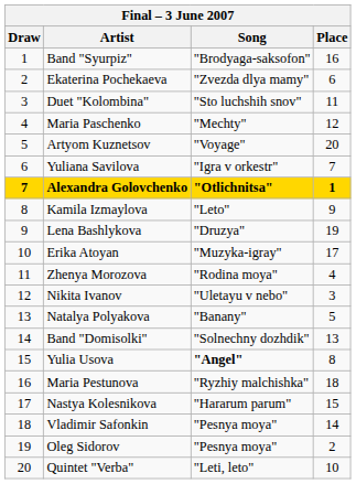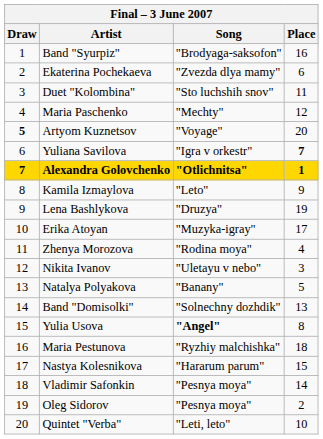 <table class="sortable wikitable" style="margin: 1em auto 1em auto; text-align:center">
 <tr>
 <th colspan="4">Final – 3 June 2007</th>
 </tr>
 <tr bgcolor="#CCCCCC">
 <th>Draw</th>
 <th>Artist</th>
 <th>Song</th>
 <th>Place</th>
 </tr>
 <tr>
 <td>1</td>
 <td align="left">Band "Syurpiz"</td>
 <td align="left">"Brodyaga-saksofon"</td>
 <td>16</td>
 </tr>
 <tr>
 <td>2</td>
 <td align="left">Ekaterina Pochekaeva</td>
 <td align="left">"Zvezda dlya mamy"</td>
 <td>6</td>
 </tr>
 <tr>
 <td>3</td>
 <td align="left">Duet "Kolombina"</td>
 <td align="left">"Sto luchshih snov"</td>
 <td>11</td>
 </tr>
 <tr>
 <td>4</td>
 <td align="left">Maria Paschenko</td>
 <td align="left">"Mechty"</td>
 <td>12</td>
 </tr>
 <tr>
-<td>5</td>
+<td><strong>5</strong></td>
 <td align="left">Artyom Kuznetsov</td>
 <td align="left">"Voyage"</td>
 <td>20</td>
 </tr>
 <tr>
 <td>6</td>
 <td align="left">Yuliana Savilova</td>
 <td align="left">"Igra v orkestr"</td>
-<td>7</td>
+<td><strong>7</strong></td>
 </tr>
 <tr style="font-weight:bold; background:gold;">
 <td>7</td>
 <td align="left">Alexandra Golovchenko</td>
 <td align="left">"Otlichnitsa"</td>
 <td>1</td>
 </tr>
 <tr>
 <td>8</td>
 <td align="left">Kamila Izmaylova</td>
 <td align="left">"Leto"</td>
 <td>9</td>
 </tr>
 <tr>
 <td>9</td>
 <td align="left">Lena Bashlykova</td>
 <td align="left">"Druzya"</td>
 <td>19</td>
 </tr>
 <tr>
 <td>10</td>
 <td align="left">Erika Atoyan</td>
 <td align="left">"Muzyka-igray"</td>
 <td>17</td>
 </tr>
 <tr>
 <td>11</td>
 <td align="left">Zhenya Morozova</td>
 <td align="left">"Rodina moya"</td>
 <td>4</td>
 </tr>
 <tr>
 <td>12</td>
 <td align="left">Nikita Ivanov</td>
 <td align="left">"Uletayu v nebo"</td>
 <td>3</td>
 </tr>
 <tr>
 <td>13</td>
 <td align="left">Natalya Polyakova</td>
 <td align="left">"Banany"</td>
 <td>5</td>
 </tr>
 <tr>
 <td>14</td>
 <td align="left">Band "Domisolki"</td>
 <td align="left">"Solnechny dozhdik"</td>
 <td>13</td>
 </tr>
 <tr>
 <td>15</td>
 <td align="left">Yulia Usova</td>
 <td align="left"><strong>"Angel"</strong></td>
 <td>8</td>
 </tr>
 <tr>
 <td>16</td>
 <td align="left">Maria Pestunova</td>
 <td align="left">"Ryzhiy malchishka"</td>
 <td>18</td>
 </tr>
 <tr>
 <td>17</td>
 <td align="left">Nastya Kolesnikova</td>
 <td align="left">"Hararum parum"</td>
 <td>15</td>
 </tr>
 <tr>
 <td>18</td>
 <td align="left">Vladimir Safonkin</td>
 <td align="left">"Pesnya moya"</td>
 <td>14</td>
 </tr>
 <tr>
 <td>19</td>
 <td align="left">Oleg Sidorov</td>
 <td align="left">"Pesnya moya"</td>
 <td>2</td>
 </tr>
 <tr>
 <td>20</td>
 <td align="left">Quintet "Verba"</td>
 <td align="left">"Leti, leto"</td>
 <td>10</td>
 </tr>
 </table>
